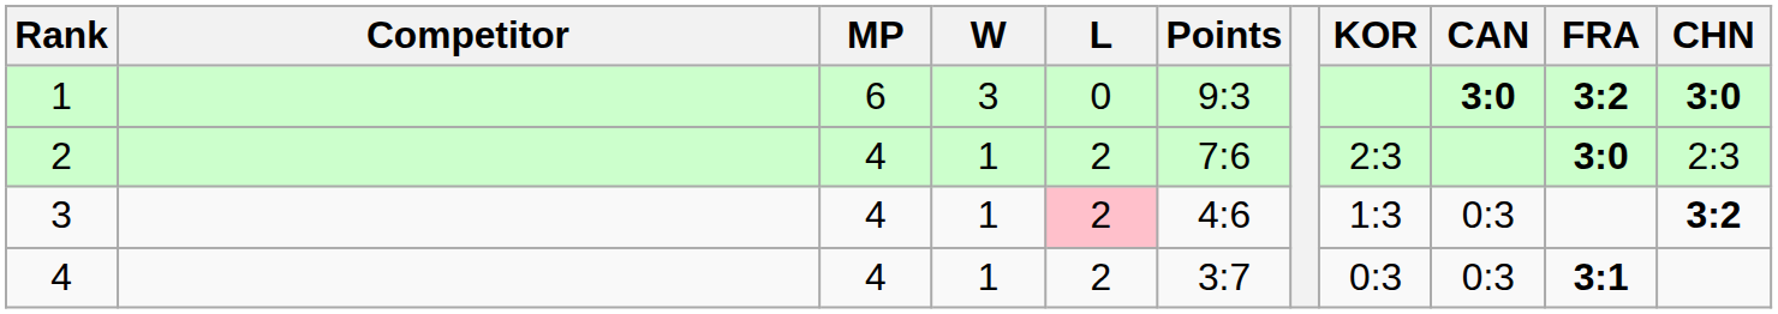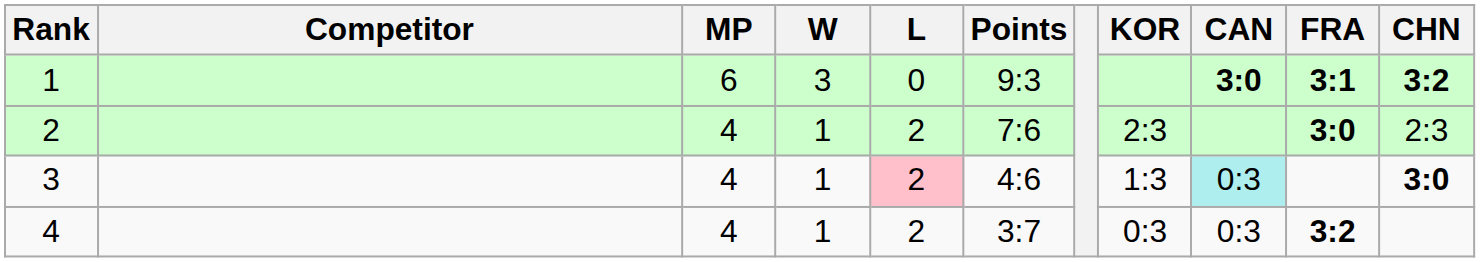 <table class="wikitable" style="text-align:center">
 <tr>
 <th>Rank</th>
 <th style="width:18em">Competitor</th>
 <th style="width:2.5em">MP</th>
 <th style="width:2.5em">W</th>
 <th style="width:2.5em">L</th>
 <th>Points</th>
 <th rowspan="5"> </th>
 <th style="width:2.5em">KOR</th>
 <th style="width:2.5em">CAN</th>
 <th style="width:2.5em">FRA</th>
 <th style="width:2.5em">CHN</th>
 </tr>
 <tr style="background:#cfc;">
 <td>1</td>
 <td style="text-align:left"></td>
 <td>6</td>
 <td>3</td>
 <td>0</td>
 <td>9:3</td>
 <td></td>
 <td><strong>3:0</strong></td>
+<td><strong>3:1</strong></td>
 <td><strong>3:2</strong></td>
-<td><strong>3:0</strong></td>
 </tr>
 <tr style="background:#cfc;">
 <td>2</td>
 <td style="text-align:left"></td>
 <td>4</td>
 <td>1</td>
 <td>2</td>
 <td>7:6</td>
 <td>2:3</td>
 <td></td>
 <td><strong>3:0</strong></td>
 <td>2:3</td>
 </tr>
 <tr>
 <td>3</td>
 <td style="text-align:left"></td>
 <td>4</td>
 <td>1</td>
 <td style="background: pink;">2</td>
 <td>4:6</td>
 <td>1:3</td>
-<td>0:3</td>
+<td style="background: paleturquoise;">0:3</td>
 <td></td>
-<td><strong>3:2</strong></td>
+<td><strong>3:0</strong></td>
 </tr>
 <tr>
 <td>4</td>
 <td style="text-align:left"></td>
 <td>4</td>
 <td>1</td>
 <td>2</td>
 <td>3:7</td>
 <td>0:3</td>
 <td>0:3</td>
-<td><strong>3:1</strong></td>
+<td><strong>3:2</strong></td>
 <td></td>
 </tr>
 </table>
